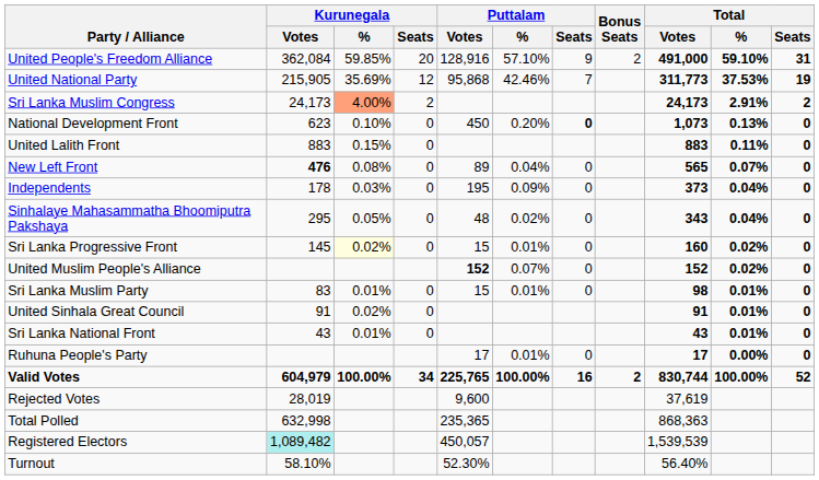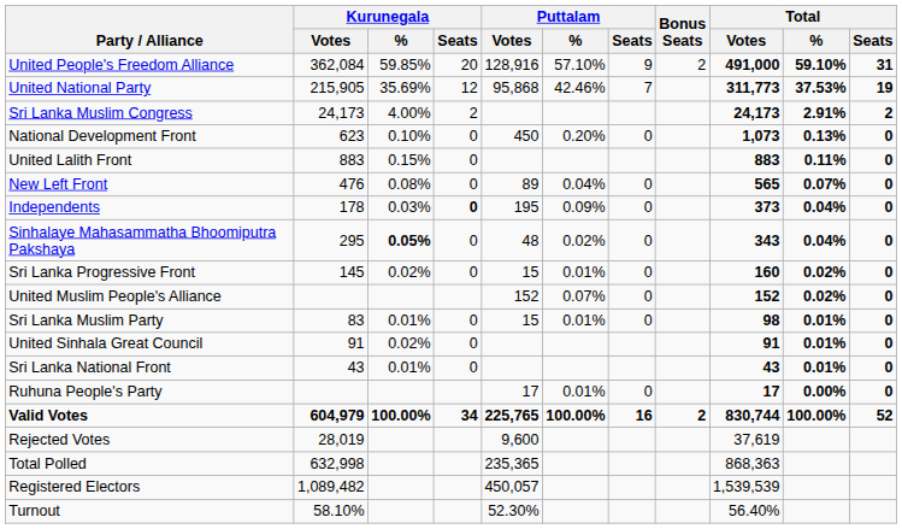 <table class="wikitable" border="1" style="text-align:right;">
 <tr>
 <th valign=bottom rowspan=2 width="300">Party / Alliance</th>
 <th colspan=3><a href='#'>Kurunegala</a></th>
 <th colspan=3><a href='#'>Puttalam</a></th>
 <th valign=bottom rowspan=2 width="40">Bonus<br>Seats</th>
 <th colspan=3>Total</th>
 </tr>
 <tr>
 <th align=center valign=bottom width="50">Votes</th>
 <th align=center valign=bottom width="50">%</th>
 <th align=center valign=bottom width="40">Seats</th>
 <th align=center valign=bottom width="50">Votes</th>
 <th align=center valign=bottom width="50">%</th>
 <th align=center valign=bottom width="40">Seats</th>
 <th align=center valign=bottom width="50">Votes</th>
 <th align=center valign=bottom width="50">%</th>
 <th align=center valign=bottom width="40">Seats</th>
 </tr>
 <tr>
 <td align=left><a href='#'>United People's Freedom Alliance</a></td>
 <td>362,084</td>
 <td>59.85%</td>
 <td>20</td>
 <td>128,916</td>
 <td>57.10%</td>
 <td>9</td>
 <td>2</td>
 <td><strong>491,000</strong></td>
 <td><strong>59.10%</strong></td>
 <td><strong>31</strong></td>
 </tr>
 <tr>
 <td align=left><a href='#'>United National Party</a></td>
 <td>215,905</td>
 <td>35.69%</td>
 <td>12</td>
 <td>95,868</td>
 <td>42.46%</td>
 <td>7</td>
 <td></td>
 <td><strong>311,773</strong></td>
 <td><strong>37.53%</strong></td>
 <td><strong>19</strong></td>
 </tr>
 <tr>
 <td align=left><a href='#'>Sri Lanka Muslim Congress</a></td>
 <td>24,173</td>
-<td style="background: lightsalmon;">4.00%</td>
+<td>4.00%</td>
 <td>2</td>
 <td></td>
 <td></td>
 <td></td>
 <td></td>
 <td><strong>24,173</strong></td>
 <td><strong>2.91%</strong></td>
 <td><strong>2</strong></td>
 </tr>
 <tr>
 <td align=left>National Development Front</td>
 <td>623</td>
 <td>0.10%</td>
 <td>0</td>
 <td>450</td>
 <td>0.20%</td>
-<td><strong>0</strong></td>
+<td>0</td>
 <td></td>
 <td><strong>1,073</strong></td>
 <td><strong>0.13%</strong></td>
 <td><strong>0</strong></td>
 </tr>
 <tr>
 <td align=left>United Lalith Front</td>
 <td>883</td>
 <td>0.15%</td>
 <td>0</td>
 <td></td>
 <td></td>
 <td></td>
 <td></td>
 <td><strong>883</strong></td>
 <td><strong>0.11%</strong></td>
 <td><strong>0</strong></td>
 </tr>
 <tr>
 <td align=left><a href='#'>New Left Front</a></td>
-<td><strong>476</strong></td>
+<td>476</td>
 <td>0.08%</td>
 <td>0</td>
 <td>89</td>
 <td>0.04%</td>
 <td>0</td>
 <td></td>
 <td><strong>565</strong></td>
 <td><strong>0.07%</strong></td>
 <td><strong>0</strong></td>
 </tr>
 <tr>
 <td align=left><a href='#'>Independents</a></td>
 <td>178</td>
 <td>0.03%</td>
-<td>0</td>
+<td><strong>0</strong></td>
 <td>195</td>
 <td>0.09%</td>
 <td>0</td>
 <td></td>
 <td><strong>373</strong></td>
 <td><strong>0.04%</strong></td>
 <td><strong>0</strong></td>
 </tr>
 <tr>
 <td align=left><a href='#'>Sinhalaye Mahasammatha Bhoomiputra Pakshaya</a></td>
 <td>295</td>
-<td>0.05%</td>
+<td><strong>0.05%</strong></td>
 <td>0</td>
 <td>48</td>
 <td>0.02%</td>
 <td>0</td>
 <td></td>
 <td><strong>343</strong></td>
 <td><strong>0.04%</strong></td>
 <td><strong>0</strong></td>
 </tr>
 <tr>
 <td align=left>Sri Lanka Progressive Front</td>
 <td>145</td>
-<td style="background: lightyellow;">0.02%</td>
+<td>0.02%</td>
 <td>0</td>
 <td>15</td>
 <td>0.01%</td>
 <td>0</td>
 <td></td>
 <td><strong>160</strong></td>
 <td><strong>0.02%</strong></td>
 <td><strong>0</strong></td>
 </tr>
 <tr>
 <td align=left>United Muslim People's Alliance</td>
 <td></td>
 <td></td>
 <td></td>
-<td><strong>152</strong></td>
+<td>152</td>
 <td>0.07%</td>
 <td>0</td>
 <td></td>
 <td><strong>152</strong></td>
 <td><strong>0.02%</strong></td>
 <td><strong>0</strong></td>
 </tr>
 <tr>
 <td align=left>Sri Lanka Muslim Party</td>
 <td>83</td>
 <td>0.01%</td>
 <td>0</td>
 <td>15</td>
 <td>0.01%</td>
 <td>0</td>
 <td></td>
 <td><strong>98</strong></td>
 <td><strong>0.01%</strong></td>
 <td><strong>0</strong></td>
 </tr>
 <tr>
 <td align=left>United Sinhala Great Council</td>
 <td>91</td>
 <td>0.02%</td>
 <td>0</td>
 <td></td>
 <td></td>
 <td></td>
 <td></td>
 <td><strong>91</strong></td>
 <td><strong>0.01%</strong></td>
 <td><strong>0</strong></td>
 </tr>
 <tr>
 <td align=left>Sri Lanka National Front</td>
 <td>43</td>
 <td>0.01%</td>
 <td>0</td>
 <td></td>
 <td></td>
 <td></td>
 <td></td>
 <td><strong>43</strong></td>
 <td><strong>0.01%</strong></td>
 <td><strong>0</strong></td>
 </tr>
 <tr>
 <td align=left>Ruhuna People's Party</td>
 <td></td>
 <td></td>
 <td></td>
 <td>17</td>
 <td>0.01%</td>
 <td>0</td>
 <td></td>
 <td><strong>17</strong></td>
 <td><strong>0.00%</strong></td>
 <td><strong>0</strong></td>
 </tr>
 <tr>
 <td align=left><strong>Valid Votes</strong></td>
 <td><strong>604,979</strong></td>
 <td><strong>100.00%</strong></td>
 <td><strong>34</strong></td>
 <td><strong>225,765</strong></td>
 <td><strong>100.00%</strong></td>
 <td><strong>16</strong></td>
 <td><strong>2</strong></td>
 <td><strong>830,744</strong></td>
 <td><strong>100.00%</strong></td>
 <td><strong>52</strong></td>
 </tr>
 <tr>
 <td align=left>Rejected Votes</td>
 <td>28,019</td>
 <td></td>
 <td></td>
 <td>9,600</td>
 <td></td>
 <td></td>
 <td></td>
 <td>37,619</td>
 <td></td>
 <td></td>
 </tr>
 <tr>
 <td align=left>Total Polled</td>
 <td>632,998</td>
 <td></td>
 <td></td>
 <td>235,365</td>
 <td></td>
 <td></td>
 <td></td>
 <td>868,363</td>
 <td></td>
 <td></td>
 </tr>
 <tr>
 <td align=left>Registered Electors</td>
-<td style="background: paleturquoise;">1,089,482</td>
+<td>1,089,482</td>
 <td></td>
 <td></td>
 <td>450,057</td>
 <td></td>
 <td></td>
 <td></td>
 <td>1,539,539</td>
 <td></td>
 <td></td>
 </tr>
 <tr>
 <td align=left>Turnout</td>
 <td>58.10%</td>
 <td></td>
 <td></td>
 <td>52.30%</td>
 <td></td>
 <td></td>
 <td></td>
 <td>56.40%</td>
 <td></td>
 <td></td>
 </tr>
 </table>
